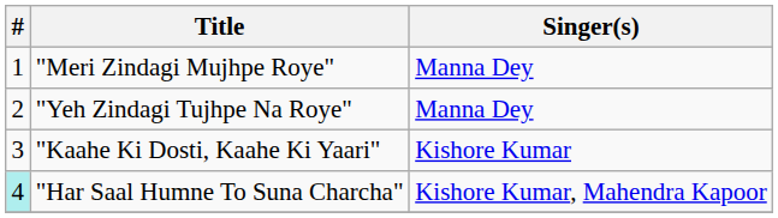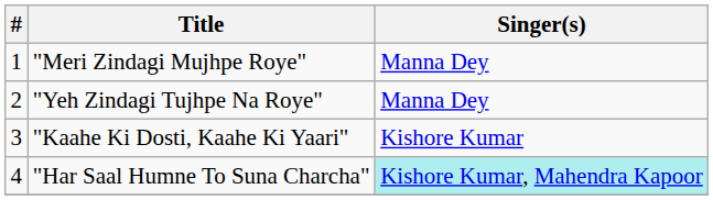 <table class="wikitable" style="font-size:95%;">
 <tr>
 <th>#</th>
 <th>Title</th>
 <th>Singer(s)</th>
 </tr>
 <tr>
 <td>1</td>
 <td>"Meri Zindagi Mujhpe Roye"</td>
 <td><a href='#'>Manna Dey</a></td>
 </tr>
 <tr>
 <td>2</td>
 <td>"Yeh Zindagi Tujhpe Na Roye"</td>
 <td><a href='#'>Manna Dey</a></td>
 </tr>
 <tr>
 <td>3</td>
 <td>"Kaahe Ki Dosti, Kaahe Ki Yaari"</td>
 <td><a href='#'>Kishore Kumar</a></td>
 </tr>
 <tr>
-<td style="background: paleturquoise;">4</td>
+<td>4</td>
 <td>"Har Saal Humne To Suna Charcha"</td>
-<td><a href='#'>Kishore Kumar</a>, <a href='#'>Mahendra Kapoor</a></td>
+<td style="background: paleturquoise;"><a href='#'>Kishore Kumar</a>, <a href='#'>Mahendra Kapoor</a></td>
 </tr>
 <tr>
 </tr>
 </table>
